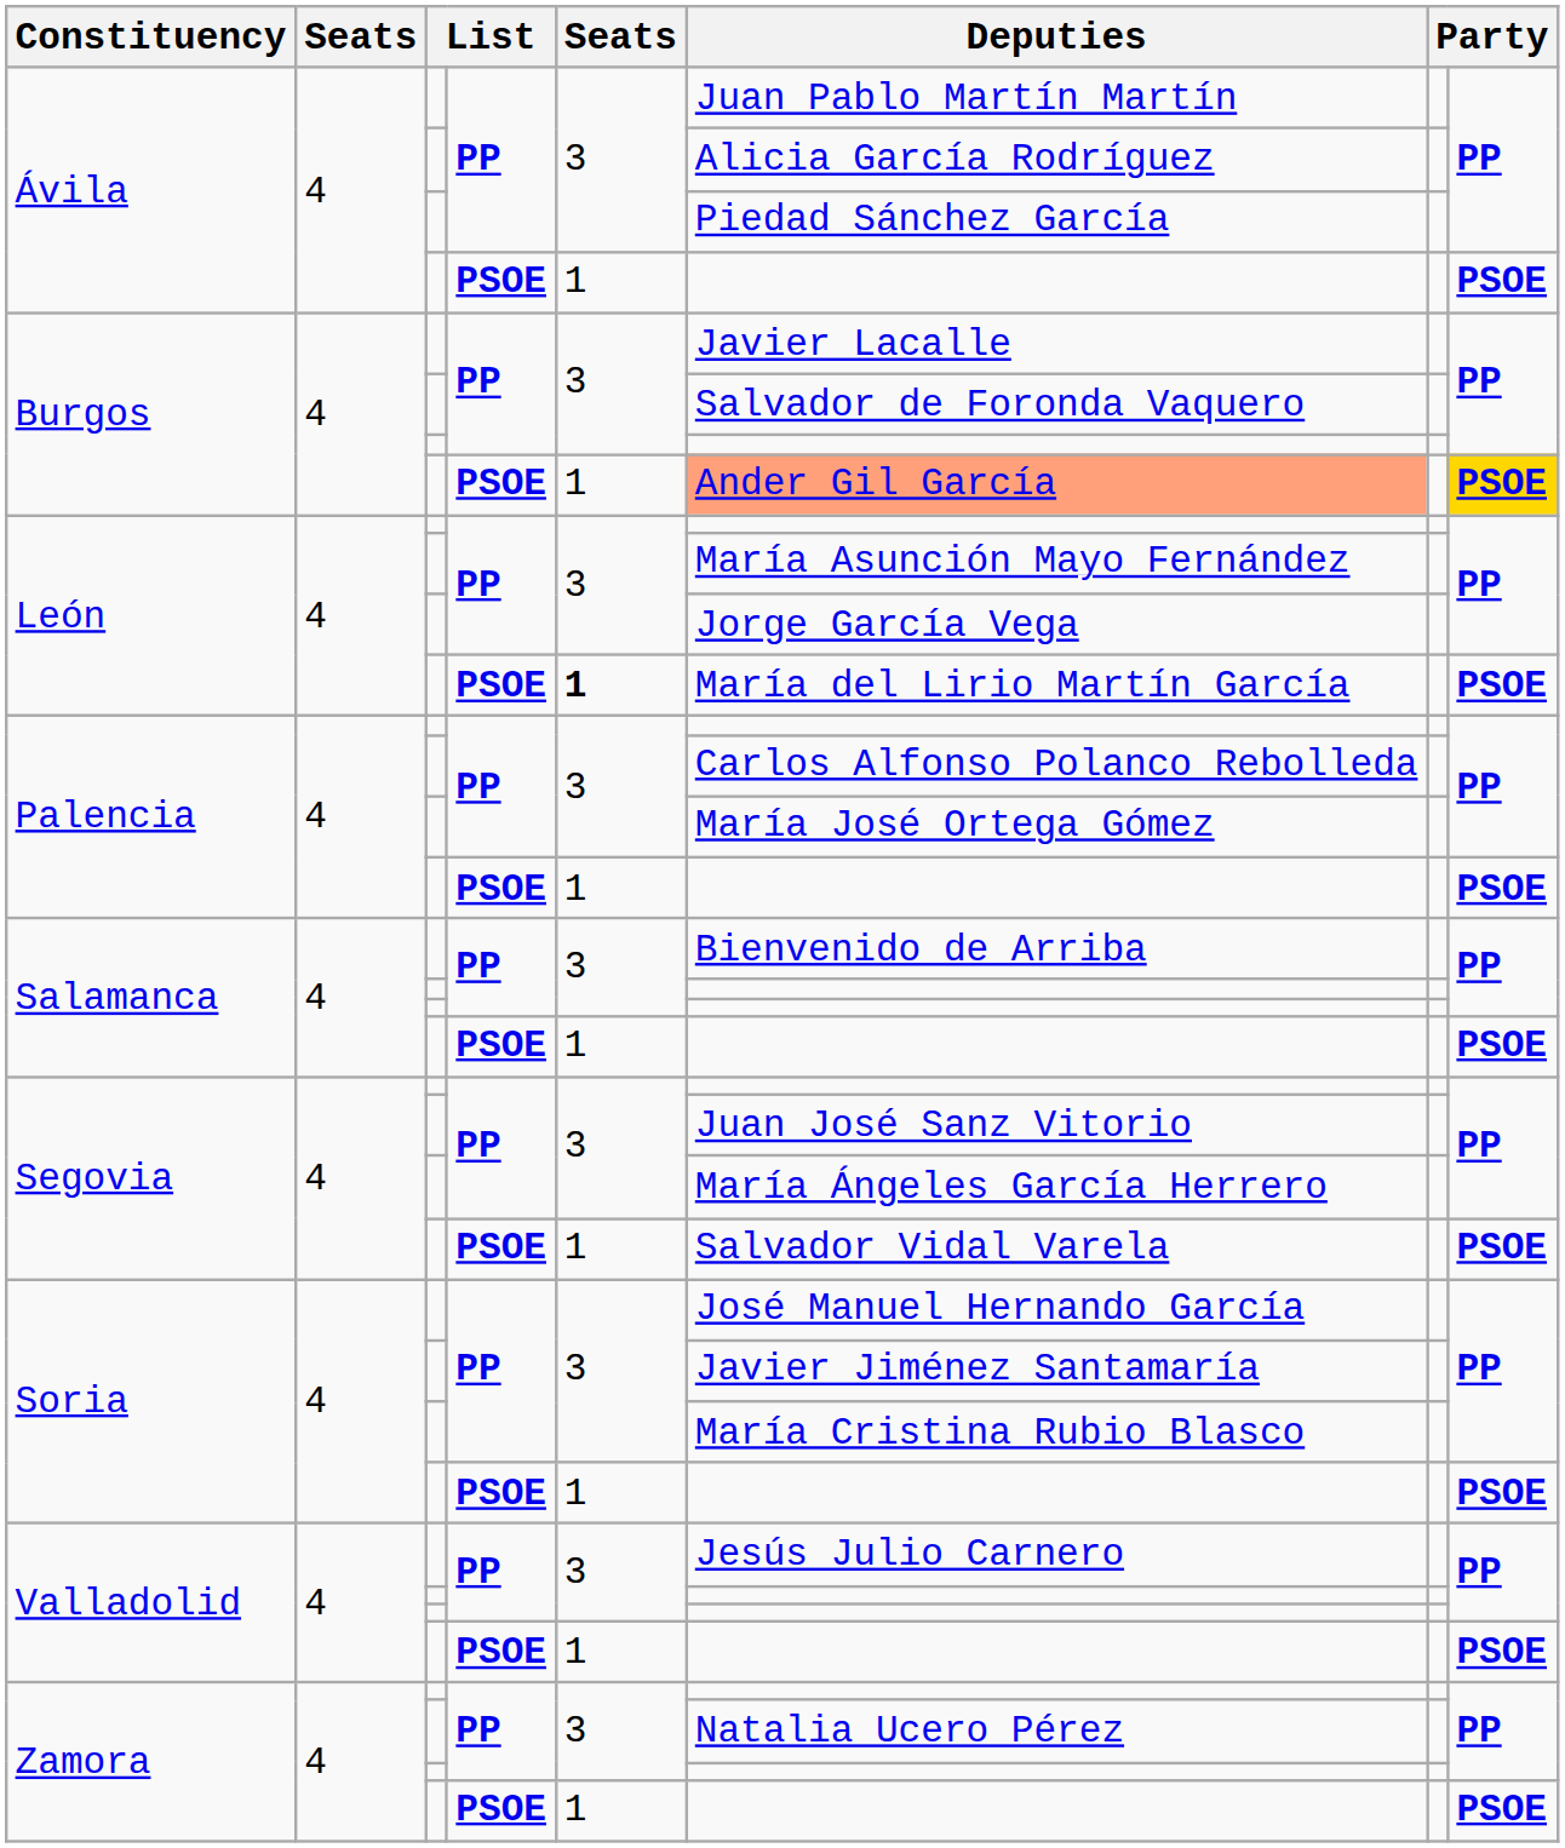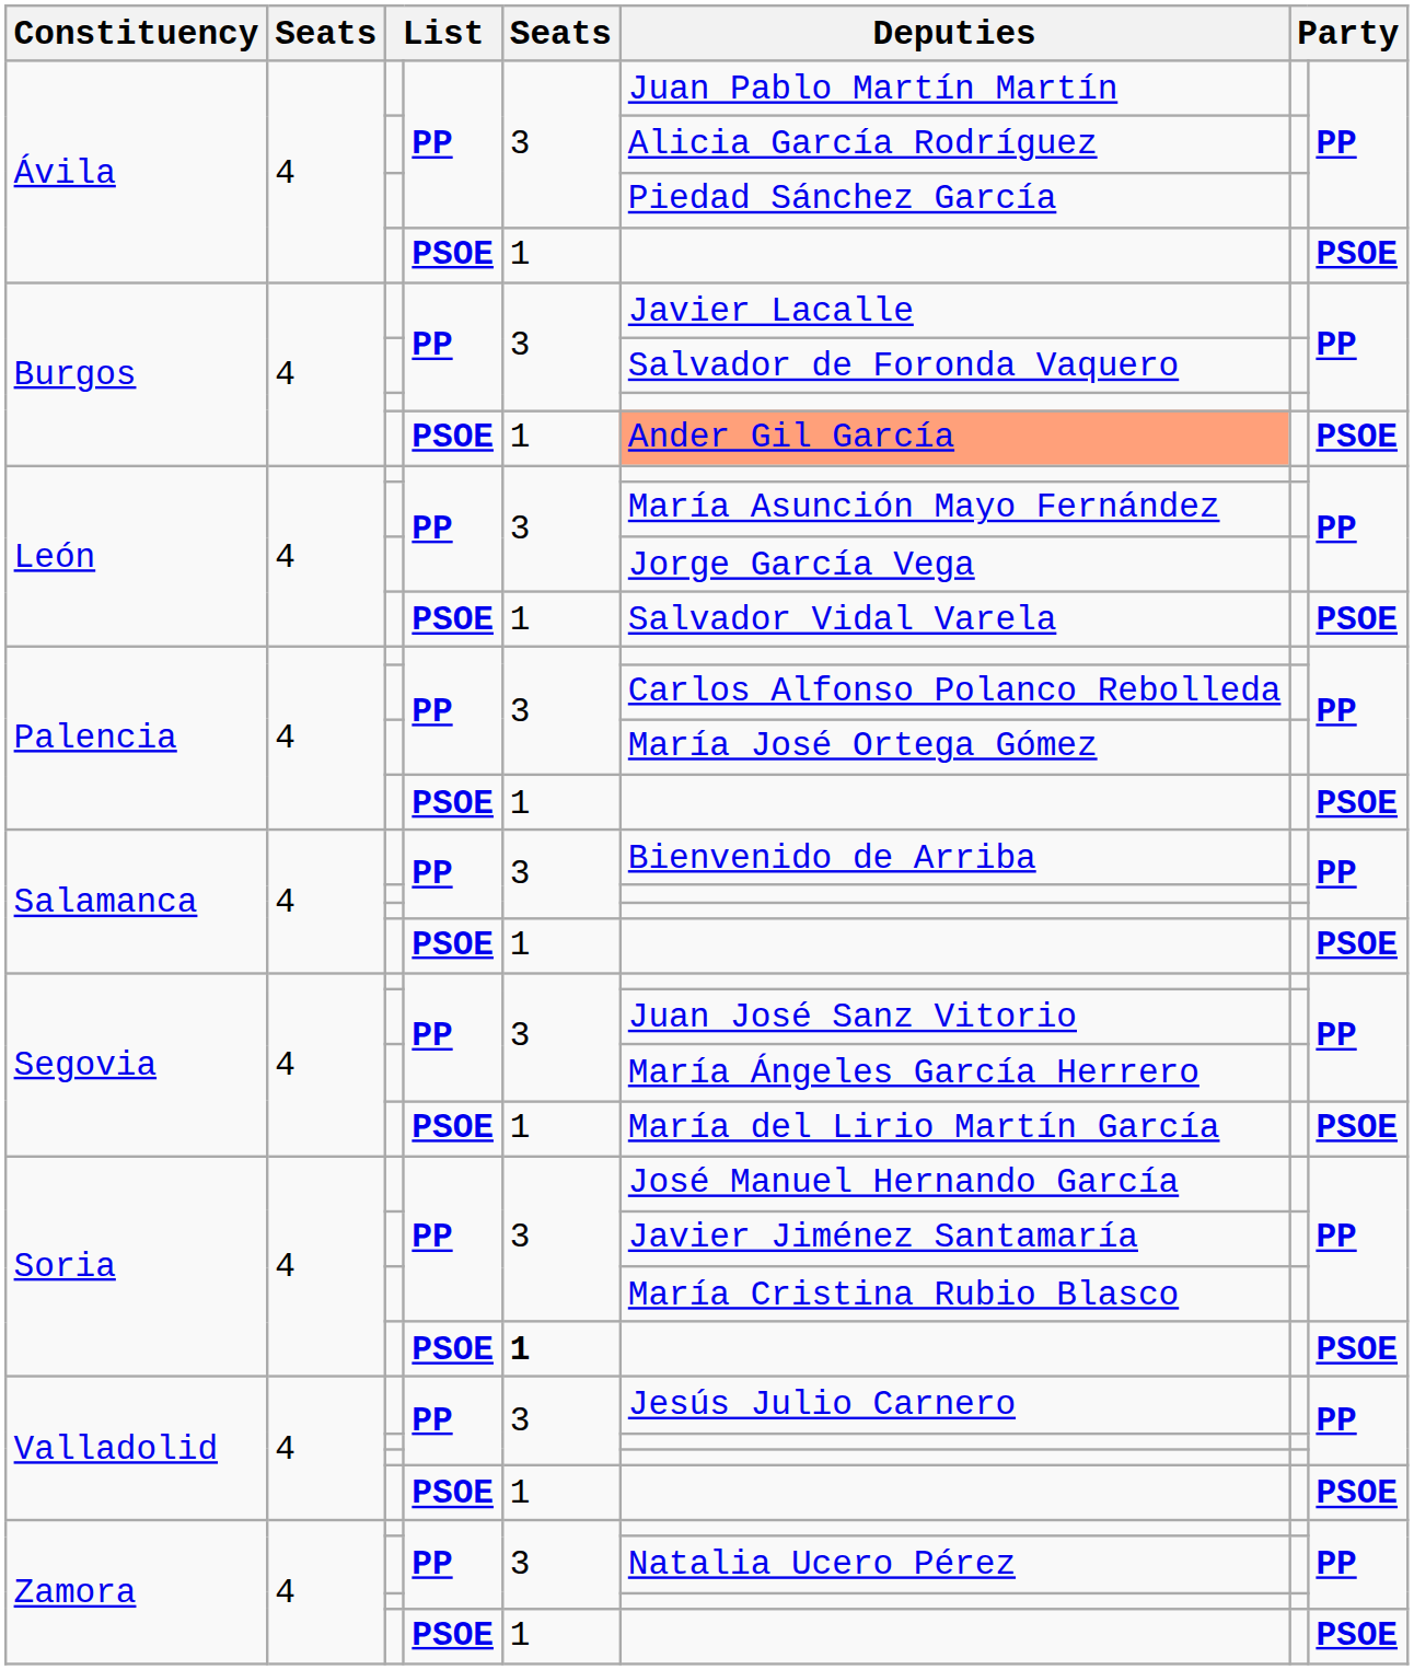 <table class="wikitable sortable">
 <tr>
 <th>Constituency</th>
 <th>Seats</th>
 <th colspan="2">List</th>
 <th>Seats</th>
 <th>Deputies</th>
 <th colspan="2">Party</th>
 </tr>
 <tr>
 <td rowspan="4"><a href='#'>Ávila</a></td>
 <td rowspan="4">4</td>
 <td></td>
 <td rowspan="3"><strong><a href='#'>PP</a></strong></td>
 <td rowspan="3">3</td>
 <td><a href='#'>Juan Pablo Martín Martín</a></td>
 <td></td>
 <td rowspan="3"><strong><a href='#'>PP</a></strong></td>
 </tr>
 <tr>
 <td></td>
 <td><a href='#'>Alicia García Rodríguez</a></td>
 <td></td>
 </tr>
 <tr>
 <td></td>
 <td><a href='#'>Piedad Sánchez García</a></td>
 <td></td>
 </tr>
 <tr>
 <td width="1"></td>
 <td><strong><a href='#'>PSOE</a></strong></td>
 <td>1</td>
 <td></td>
 <td width="1"></td>
 <td><strong><a href='#'>PSOE</a></strong></td>
 </tr>
 <tr>
 <td rowspan="4"><a href='#'>Burgos</a></td>
 <td rowspan="4">4</td>
 <td></td>
 <td rowspan="3"><strong><a href='#'>PP</a></strong></td>
 <td rowspan="3">3</td>
 <td><a href='#'>Javier Lacalle</a></td>
 <td></td>
 <td rowspan="3"><strong><a href='#'>PP</a></strong></td>
 </tr>
 <tr>
 <td></td>
 <td><a href='#'>Salvador de Foronda Vaquero</a></td>
 <td></td>
 </tr>
 <tr>
 <td></td>
 <td></td>
 <td></td>
 </tr>
 <tr>
 <td width="1"></td>
 <td><strong><a href='#'>PSOE</a></strong></td>
 <td>1</td>
 <td style="background: lightsalmon;"><a href='#'>Ander Gil García</a></td>
 <td width="1"></td>
-<td style="background: gold;"><strong><a href='#'>PSOE</a></strong></td>
+<td><strong><a href='#'>PSOE</a></strong></td>
 </tr>
 <tr>
 <td rowspan="4"><a href='#'>León</a></td>
 <td rowspan="4">4</td>
 <td></td>
 <td rowspan="3"><strong><a href='#'>PP</a></strong></td>
 <td rowspan="3">3</td>
 <td></td>
 <td></td>
 <td rowspan="3"><strong><a href='#'>PP</a></strong></td>
 </tr>
 <tr>
 <td></td>
 <td><a href='#'>María Asunción Mayo Fernández</a></td>
 <td></td>
 </tr>
 <tr>
 <td></td>
 <td><a href='#'>Jorge García Vega</a></td>
 <td></td>
 </tr>
 <tr>
 <td width="1"></td>
 <td><strong><a href='#'>PSOE</a></strong></td>
-<td><strong>1</strong></td>
-<td><a href='#'>María del Lirio Martín García</a></td>
+<td>1</td>
+<td><a href='#'>Salvador Vidal Varela</a></td>
 <td width="1"></td>
 <td><strong><a href='#'>PSOE</a></strong></td>
 </tr>
 <tr>
 <td rowspan="4"><a href='#'>Palencia</a></td>
 <td rowspan="4">4</td>
 <td></td>
 <td rowspan="3"><strong><a href='#'>PP</a></strong></td>
 <td rowspan="3">3</td>
 <td></td>
 <td></td>
 <td rowspan="3"><strong><a href='#'>PP</a></strong></td>
 </tr>
 <tr>
 <td></td>
 <td><a href='#'>Carlos Alfonso Polanco Rebolleda</a></td>
 <td></td>
 </tr>
 <tr>
 <td></td>
 <td><a href='#'>María José Ortega Gómez</a></td>
 <td></td>
 </tr>
 <tr>
 <td width="1"></td>
 <td><strong><a href='#'>PSOE</a></strong></td>
 <td>1</td>
 <td></td>
 <td width="1"></td>
 <td><strong><a href='#'>PSOE</a></strong></td>
 </tr>
 <tr>
 <td rowspan="4"><a href='#'>Salamanca</a></td>
 <td rowspan="4">4</td>
 <td></td>
 <td rowspan="3"><strong><a href='#'>PP</a></strong></td>
 <td rowspan="3">3</td>
 <td><a href='#'>Bienvenido de Arriba</a></td>
 <td></td>
 <td rowspan="3"><strong><a href='#'>PP</a></strong></td>
 </tr>
 <tr>
 <td></td>
 <td></td>
 <td></td>
 </tr>
 <tr>
 <td></td>
 <td></td>
 <td></td>
 </tr>
 <tr>
 <td width="1"></td>
 <td><strong><a href='#'>PSOE</a></strong></td>
 <td>1</td>
 <td></td>
 <td width="1"></td>
 <td><strong><a href='#'>PSOE</a></strong></td>
 </tr>
 <tr>
 <td rowspan="4"><a href='#'>Segovia</a></td>
 <td rowspan="4">4</td>
 <td></td>
 <td rowspan="3"><strong><a href='#'>PP</a></strong></td>
 <td rowspan="3">3</td>
 <td></td>
 <td></td>
 <td rowspan="3"><strong><a href='#'>PP</a></strong></td>
 </tr>
 <tr>
 <td></td>
 <td><a href='#'>Juan José Sanz Vitorio</a></td>
 <td></td>
 </tr>
 <tr>
 <td></td>
 <td><a href='#'>María Ángeles García Herrero</a></td>
 <td></td>
 </tr>
 <tr>
 <td width="1"></td>
 <td><strong><a href='#'>PSOE</a></strong></td>
 <td>1</td>
-<td><a href='#'>Salvador Vidal Varela</a></td>
+<td><a href='#'>María del Lirio Martín García</a></td>
 <td width="1"></td>
 <td><strong><a href='#'>PSOE</a></strong></td>
 </tr>
 <tr>
 <td rowspan="4"><a href='#'>Soria</a></td>
 <td rowspan="4">4</td>
 <td></td>
 <td rowspan="3"><strong><a href='#'>PP</a></strong></td>
 <td rowspan="3">3</td>
 <td><a href='#'>José Manuel Hernando García</a></td>
 <td></td>
 <td rowspan="3"><strong><a href='#'>PP</a></strong></td>
 </tr>
 <tr>
 <td></td>
 <td><a href='#'>Javier Jiménez Santamaría</a></td>
 <td></td>
 </tr>
 <tr>
 <td></td>
 <td><a href='#'>María Cristina Rubio Blasco</a></td>
 <td></td>
 </tr>
 <tr>
 <td width="1"></td>
 <td><strong><a href='#'>PSOE</a></strong></td>
-<td>1</td>
+<td><strong>1</strong></td>
 <td></td>
 <td width="1"></td>
 <td><strong><a href='#'>PSOE</a></strong></td>
 </tr>
 <tr>
 <td rowspan="4"><a href='#'>Valladolid</a></td>
 <td rowspan="4">4</td>
 <td></td>
 <td rowspan="3"><strong><a href='#'>PP</a></strong></td>
 <td rowspan="3">3</td>
 <td><a href='#'>Jesús Julio Carnero</a></td>
 <td></td>
 <td rowspan="3"><strong><a href='#'>PP</a></strong></td>
 </tr>
 <tr>
 <td></td>
 <td></td>
 <td></td>
 </tr>
 <tr>
 <td></td>
 <td></td>
 <td></td>
 </tr>
 <tr>
 <td width="1"></td>
 <td><strong><a href='#'>PSOE</a></strong></td>
 <td>1</td>
 <td></td>
 <td width="1"></td>
 <td><strong><a href='#'>PSOE</a></strong></td>
 </tr>
 <tr>
 <td rowspan="4"><a href='#'>Zamora</a></td>
 <td rowspan="4">4</td>
 <td></td>
 <td rowspan="3"><strong><a href='#'>PP</a></strong></td>
 <td rowspan="3">3</td>
 <td></td>
 <td></td>
 <td rowspan="3"><strong><a href='#'>PP</a></strong></td>
 </tr>
 <tr>
 <td></td>
 <td><a href='#'>Natalia Ucero Pérez</a></td>
 <td></td>
 </tr>
 <tr>
 <td></td>
 <td></td>
 <td></td>
 </tr>
 <tr>
 <td width="1"></td>
 <td><strong><a href='#'>PSOE</a></strong></td>
 <td>1</td>
 <td></td>
 <td width="1"></td>
 <td><strong><a href='#'>PSOE</a></strong></td>
 </tr>
 </table>
